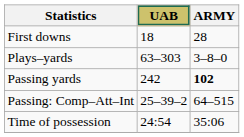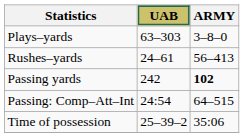 <table class="wikitable" style="float: left;">
 <tr>
 <th>Statistics</th>
 <th style="background-color:#CDC26C;color:#000000;box-shadow: inset 2px 2px 0 #1E6B52, inset -2px -2px 0 #1E6B52">UAB</th>
 <th>ARMY</th>
 </tr>
 <tr>
-<td>First downs</td>
-<td>18</td>
-<td>28</td>
-</tr>
-<tr>
 <td>Plays–yards</td>
 <td>63–303</td>
 <td>3–8–0</td>
+</tr>
+<tr>
+<td>Rushes–yards</td>
+<td>24–61</td>
+<td>56–413</td>
 </tr>
 <tr>
 <td>Passing yards</td>
 <td>242</td>
 <td><strong>102</strong></td>
 </tr>
 <tr>
 <td>Passing: Comp–Att–Int</td>
-<td>25–39–2</td>
+<td>24:54</td>
 <td>64–515</td>
 </tr>
 <tr>
 <td>Time of possession</td>
-<td>24:54</td>
+<td>25–39–2</td>
 <td>35:06</td>
 </tr>
 <tr>
 </tr>
 </table>
